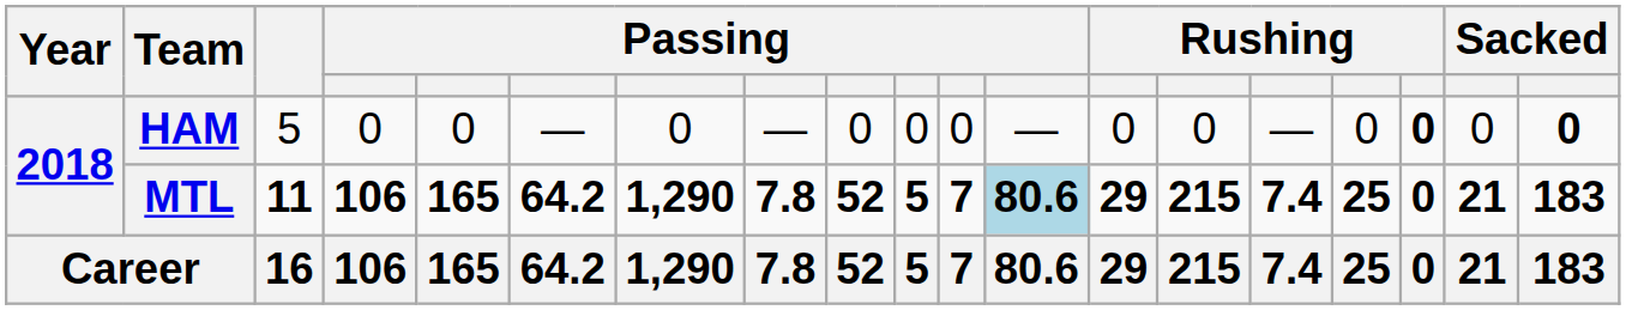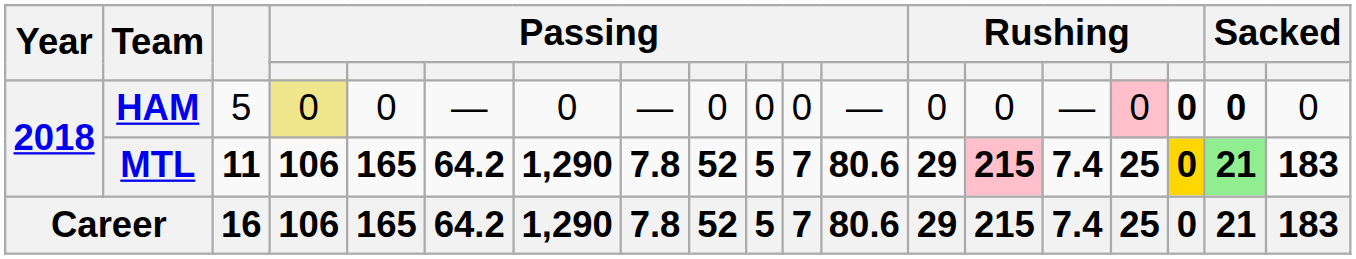 <table class="wikitable" style="text-align:center;">
 <tr>
 <th rowspan="2">Year</th>
 <th rowspan="2">Team</th>
 <th rowspan="2"></th>
 <th colspan="9">Passing</th>
 <th colspan="5">Rushing</th>
 <th colspan="2">Sacked</th>
 </tr>
 <tr>
 <th></th>
 <th></th>
 <th></th>
 <th></th>
 <th></th>
 <th></th>
 <th></th>
 <th></th>
 <th></th>
 <th></th>
 <th></th>
 <th></th>
 <th></th>
 <th></th>
 <th></th>
 <th></th>
 </tr>
 <tr>
 <th rowspan="2"><a href='#'>2018</a></th>
 <th><a href='#'>HAM</a></th>
 <td>5</td>
-<td>0</td>
+<td style="background: khaki;">0</td>
 <td>0</td>
 <td>—</td>
 <td>0</td>
 <td>—</td>
 <td>0</td>
 <td>0</td>
 <td>0</td>
 <td>—</td>
 <td>0</td>
 <td>0</td>
 <td>—</td>
-<td>0</td>
+<td style="background: pink;">0</td>
+<td><strong>0</strong></td>
 <td><strong>0</strong></td>
 <td>0</td>
-<td><strong>0</strong></td>
 </tr>
 <tr>
 <th><a href='#'>MTL</a></th>
 <td><strong>11</strong></td>
 <td><strong>106</strong></td>
 <td><strong>165</strong></td>
 <td><strong>64.2</strong></td>
 <td><strong>1,290</strong></td>
 <td><strong>7.8</strong></td>
 <td><strong>52</strong></td>
 <td><strong>5</strong></td>
 <td><strong>7</strong></td>
-<td style="background: lightblue;"><strong>80.6</strong></td>
+<td><strong>80.6</strong></td>
 <td><strong>29</strong></td>
-<td><strong>215</strong></td>
+<td style="background: pink;"><strong>215</strong></td>
 <td><strong>7.4</strong></td>
 <td><strong>25</strong></td>
-<td><strong>0</strong></td>
-<td><strong>21</strong></td>
+<td style="background: gold;"><strong>0</strong></td>
+<td style="background: lightgreen;"><strong>21</strong></td>
 <td><strong>183</strong></td>
 </tr>
 <tr>
 <th colspan="2">Career</th>
 <th>16</th>
 <th>106</th>
 <th>165</th>
 <th>64.2</th>
 <th>1,290</th>
 <th>7.8</th>
 <th>52</th>
 <th>5</th>
 <th>7</th>
 <th>80.6</th>
 <th>29</th>
 <th>215</th>
 <th>7.4</th>
 <th>25</th>
 <th>0</th>
 <th>21</th>
 <th>183</th>
 </tr>
 </table>
